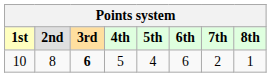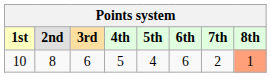 <table class="wikitable" style="font-size: 85%; text-align: center">
 <tr>
 <th colspan=19>Points system</th>
 </tr>
 <tr>
 <td style="background:#ffffbf;"> <strong>1st</strong> </td>
 <td style="background:#dfdfdf;"> <strong>2nd</strong> </td>
 <td style="background:#ffdf9f;"> <strong>3rd</strong> </td>
 <td style="background:#dfffdf;"> <strong>4th</strong> </td>
 <td style="background:#dfffdf;"> <strong>5th</strong> </td>
 <td style="background:#dfffdf;"> <strong>6th</strong> </td>
 <td style="background:#dfffdf;"> <strong>7th</strong> </td>
 <td style="background:#dfffdf;"> <strong>8th</strong> </td>
 </tr>
 <tr>
 <td>10</td>
 <td>8</td>
-<td><strong>6</strong></td>
+<td>6</td>
 <td>5</td>
 <td>4</td>
 <td>6</td>
 <td>2</td>
-<td>1</td>
+<td style="background: lightsalmon;">1</td>
 </tr>
 </table>
